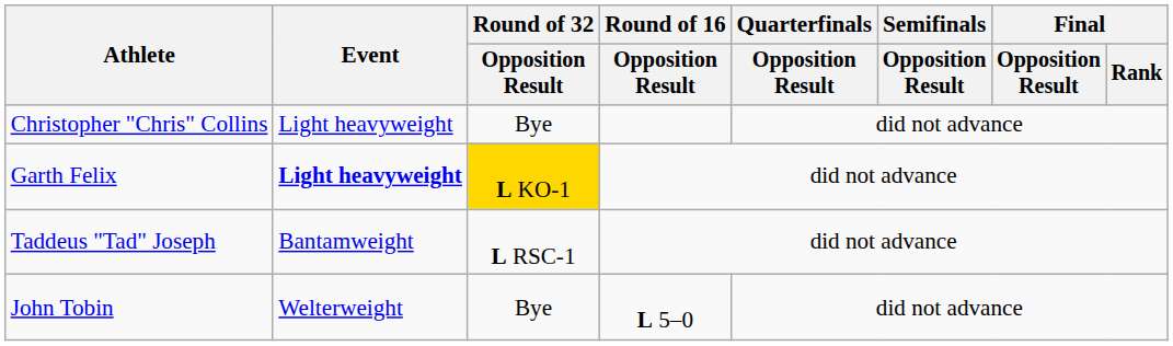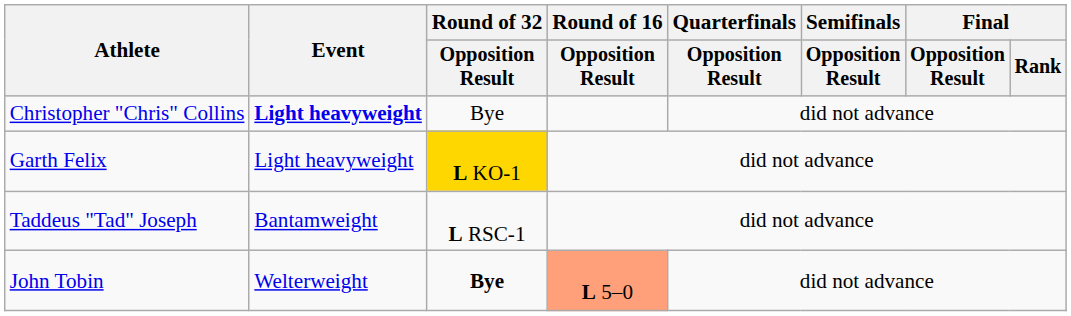 <table class="wikitable" style="font-size:90%; text-align:center;">
 <tr>
 <th rowspan="2">Athlete</th>
 <th rowspan="2">Event</th>
 <th>Round of 32</th>
 <th>Round of 16</th>
 <th>Quarterfinals</th>
 <th>Semifinals</th>
 <th colspan=2>Final</th>
 </tr>
 <tr style="font-size:95%">
 <th>Opposition<br>Result</th>
 <th>Opposition<br>Result</th>
 <th>Opposition<br>Result</th>
 <th>Opposition<br>Result</th>
 <th>Opposition<br>Result</th>
 <th>Rank</th>
 </tr>
 <tr a>
 <td align=left><a href='#'>Christopher "Chris" Collins</a></td>
-<td align=left><a href='#'>Light heavyweight</a></td>
+<td align=left><strong><a href='#'>Light heavyweight</a></strong></td>
 <td>Bye</td>
 <td></td>
 <td colspan=4>did not advance</td>
 </tr>
 <tr>
 <td align=left><a href='#'>Garth Felix</a></td>
-<td align=left><strong><a href='#'>Light heavyweight</a></strong></td>
+<td align=left><a href='#'>Light heavyweight</a></td>
 <td style="background: gold;"><br><strong>L</strong>  KO-1</td>
 <td colspan=5>did not advance</td>
 </tr>
 <tr>
 <td align=left><a href='#'>Taddeus "Tad" Joseph</a></td>
 <td align=left><a href='#'>Bantamweight</a></td>
 <td><br><strong>L</strong> RSC-1</td>
 <td colspan=5>did not advance</td>
 </tr>
 <tr>
 <td align=left><a href='#'>John Tobin</a></td>
 <td align=left><a href='#'>Welterweight</a></td>
-<td>Bye</td>
-<td><br><strong>L</strong> 5–0</td>
+<td><strong>Bye</strong></td>
+<td style="background: lightsalmon;"><br><strong>L</strong> 5–0</td>
 <td colspan=4>did not advance</td>
 </tr>
 </table>
